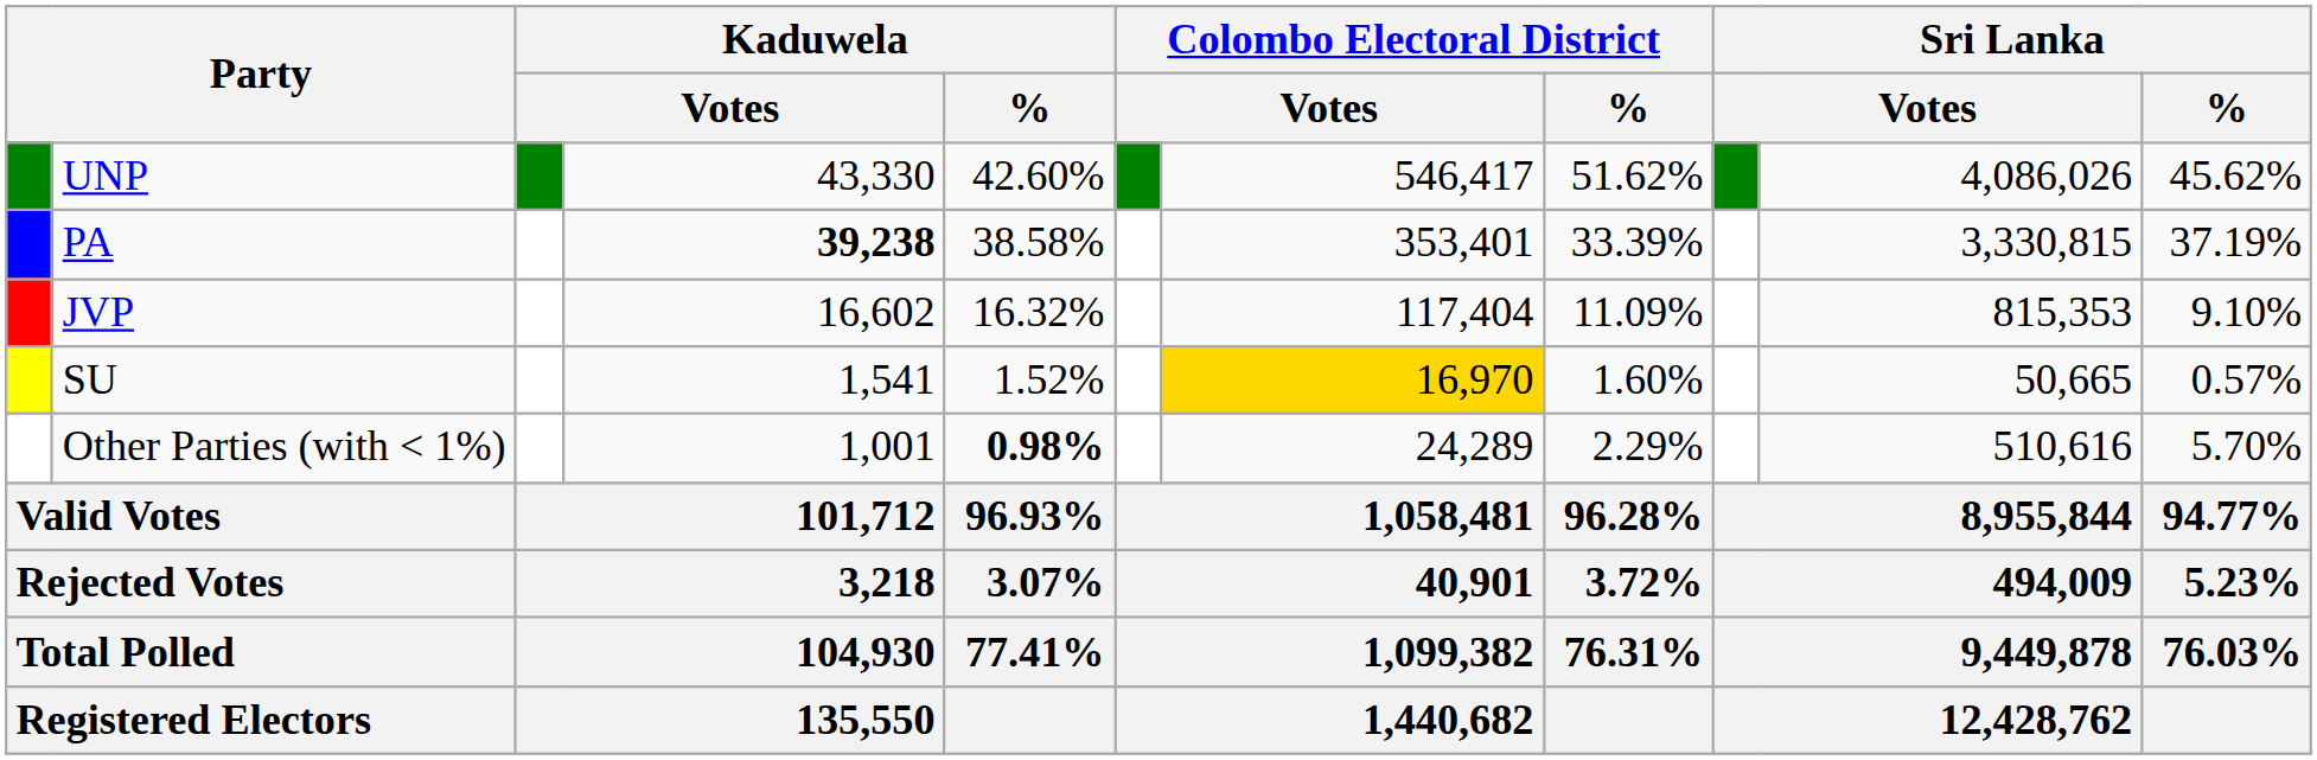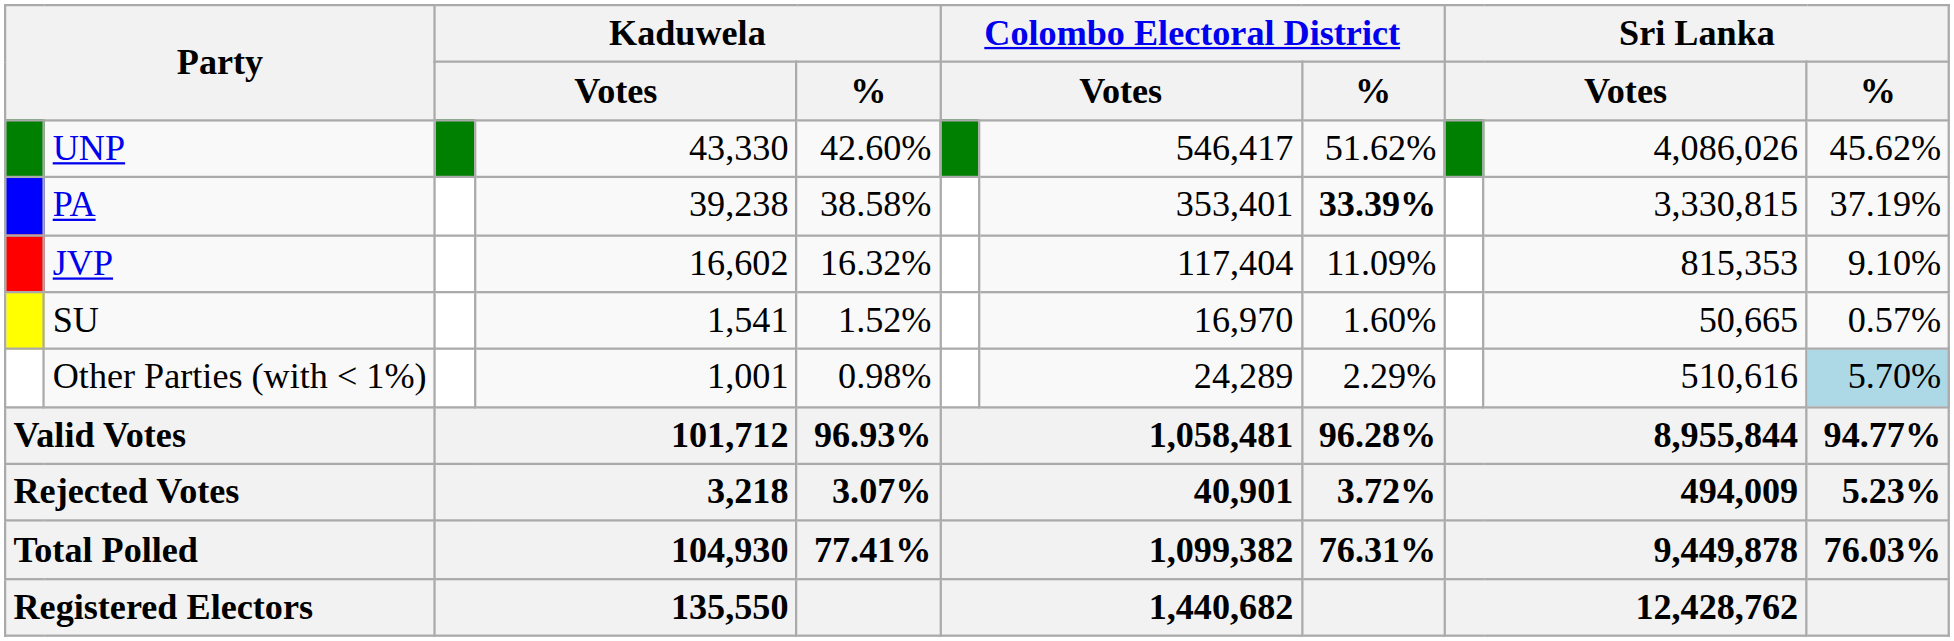 <table class="wikitable">
 <tr>
 <th colspan="2" width="144px"rowspan="2">Party</th>
 <th colspan="3" width="216px">Kaduwela</th>
 <th colspan="3" width="216px"><a href='#'>Colombo Electoral District</a></th>
 <th colspan="3" width="216px">Sri Lanka</th>
 </tr>
 <tr>
 <th colspan="2" width="144px">Votes</th>
 <th>%</th>
 <th colspan="2" width="144px">Votes</th>
 <th>%</th>
 <th colspan="2" width="144px">Votes</th>
 <th>%</th>
 </tr>
 <tr>
 <td style="background-color:green;" width="10px"></td>
 <td style="text-align:left;"><a href='#'>UNP</a></td>
 <td style="background-color:green;" width="10px"></td>
 <td style="text-align:right;">43,330</td>
 <td style="text-align:right;">42.60%</td>
 <td style="background-color:green;" width="10px"></td>
 <td style="text-align:right;">546,417</td>
 <td style="text-align:right;">51.62%</td>
 <td style="background-color:green;" width="10px"></td>
 <td style="text-align:right;">4,086,026</td>
 <td style="text-align:right;">45.62%</td>
 </tr>
 <tr>
 <td style="background-color:blue;" width="10px"></td>
 <td style="text-align:left;"><a href='#'>PA</a></td>
 <td style="background-color:white;" width="10px"></td>
-<td style="text-align:right;"><strong>39,238</strong></td>
+<td style="text-align:right;">39,238</td>
 <td style="text-align:right;">38.58%</td>
 <td style="background-color:white;" width="10px"></td>
 <td style="text-align:right;">353,401</td>
-<td style="text-align:right;">33.39%</td>
+<td style="text-align:right;"><strong>33.39%</strong></td>
 <td style="background-color:white;" width="10px"></td>
 <td style="text-align:right;">3,330,815</td>
 <td style="text-align:right;">37.19%</td>
 </tr>
 <tr>
 <td style="background-color:red;" width="10px"></td>
 <td style="text-align:left;"><a href='#'>JVP</a></td>
 <td style="background-color:white;" width="10px"></td>
 <td style="text-align:right;">16,602</td>
 <td style="text-align:right;">16.32%</td>
 <td style="background-color:white;" width="10px"></td>
 <td style="text-align:right;">117,404</td>
 <td style="text-align:right;">11.09%</td>
 <td style="background-color:white;" width="10px"></td>
 <td style="text-align:right;">815,353</td>
 <td style="text-align:right;">9.10%</td>
 </tr>
 <tr>
 <td style="background-color:yellow;" width="10px"></td>
 <td style="text-align:left;">SU</td>
 <td style="background-color:white;" width="10px"></td>
 <td style="text-align:right;">1,541</td>
 <td style="text-align:right;">1.52%</td>
 <td style="background-color:white;" width="10px"></td>
-<td style="background: gold; text-align:right;">16,970</td>
+<td style="text-align:right;">16,970</td>
 <td style="text-align:right;">1.60%</td>
 <td style="background-color:white;" width="10px"></td>
 <td style="text-align:right;">50,665</td>
 <td style="text-align:right;">0.57%</td>
 </tr>
 <tr>
 <td style="background-color:white;" width="10px"></td>
 <td style="text-align:left;">Other Parties (with < 1%)</td>
 <td style="background-color:white;" width="10px"></td>
 <td style="text-align:right;">1,001</td>
-<td style="text-align:right;"><strong>0.98%</strong></td>
+<td style="text-align:right;">0.98%</td>
 <td style="background-color:white;" width="10px"></td>
 <td style="text-align:right;">24,289</td>
 <td style="text-align:right;">2.29%</td>
 <td style="background-color:white;" width="10px"></td>
 <td style="text-align:right;">510,616</td>
-<td style="text-align:right;">5.70%</td>
+<td style="background: lightblue; text-align:right;">5.70%</td>
 </tr>
 <tr>
 <th colspan="2" width="144px"style="text-align:left;">Valid Votes</th>
 <th style="text-align:right;"colspan="2" width="144px">101,712</th>
 <th style="text-align:right;">96.93%</th>
 <th style="text-align:right;"colspan="2" width="144px">1,058,481</th>
 <th style="text-align:right;">96.28%</th>
 <th style="text-align:right;"colspan="2" width="144px">8,955,844</th>
 <th style="text-align:right;">94.77%</th>
 </tr>
 <tr>
 <th colspan="2" width="144px"style="text-align:left;">Rejected Votes</th>
 <th style="text-align:right;"colspan="2" width="144px">3,218</th>
 <th style="text-align:right;">3.07%</th>
 <th style="text-align:right;"colspan="2" width="144px">40,901</th>
 <th style="text-align:right;">3.72%</th>
 <th style="text-align:right;"colspan="2" width="144px">494,009</th>
 <th style="text-align:right;">5.23%</th>
 </tr>
 <tr>
 <th colspan="2" width="144px"style="text-align:left;">Total Polled</th>
 <th style="text-align:right;"colspan="2" width="144px">104,930</th>
 <th style="text-align:right;">77.41%</th>
 <th style="text-align:right;"colspan="2" width="144px">1,099,382</th>
 <th style="text-align:right;">76.31%</th>
 <th style="text-align:right;"colspan="2" width="144px">9,449,878</th>
 <th style="text-align:right;">76.03%</th>
 </tr>
 <tr>
 <th colspan="2" width="144px"style="text-align:left;">Registered Electors</th>
 <th style="text-align:right;"colspan="2" width="144px">135,550</th>
 <th></th>
 <th style="text-align:right;"colspan="2" width="144px">1,440,682</th>
 <th></th>
 <th style="text-align:right;"colspan="2" width="144px">12,428,762</th>
 <th></th>
 </tr>
 </table>
